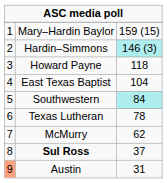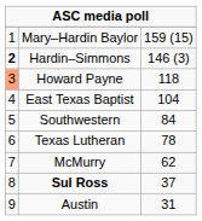 <table class="wikitable" style="display: inline-table;">
 <tr>
 <td align="center" Colspan="3"><strong>ASC media poll</strong></td>
 </tr>
 <tr align="center">
 </tr>
 <tr align="center">
 <td>1</td>
 <td>Mary–Hardin Baylor</td>
 <td>159 (15)</td>
 </tr>
 <tr align="center">
-<td>2</td>
+<td><strong>2</strong></td>
 <td>Hardin–Simmons</td>
-<td style="background: paleturquoise;">146 (3)</td>
+<td>146 (3)</td>
 </tr>
 <tr align="center">
-<td>3</td>
+<td style="background: lightsalmon;">3</td>
 <td>Howard Payne</td>
 <td>118</td>
 </tr>
 <tr align="center">
 <td>4</td>
 <td>East Texas Baptist</td>
 <td>104</td>
 </tr>
 <tr align="center">
 <td>5</td>
 <td>Southwestern</td>
-<td style="background: paleturquoise;">84</td>
+<td>84</td>
 </tr>
 <tr align="center">
 <td>6</td>
 <td>Texas Lutheran</td>
 <td>78</td>
 </tr>
 <tr align="center">
 <td>7</td>
 <td>McMurry</td>
 <td>62</td>
 </tr>
 <tr align="center">
 <td>8</td>
 <td><strong>Sul Ross</strong></td>
 <td>37</td>
 </tr>
 <tr align="center">
-<td style="background: lightsalmon;">9</td>
+<td>9</td>
 <td>Austin</td>
 <td>31</td>
 </tr>
 </table>
